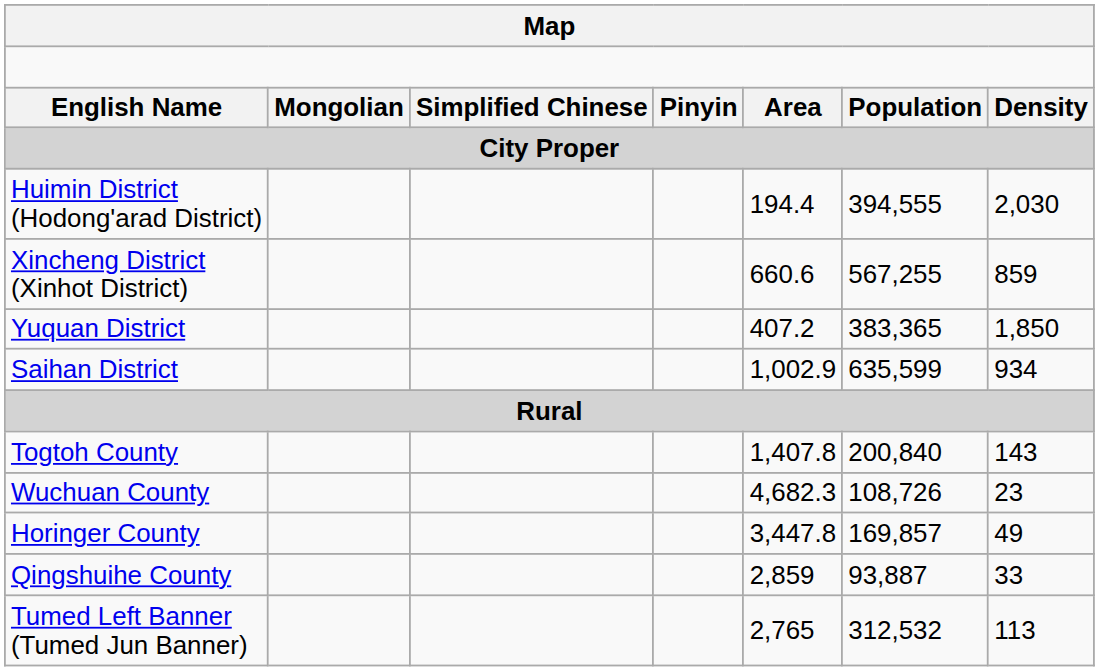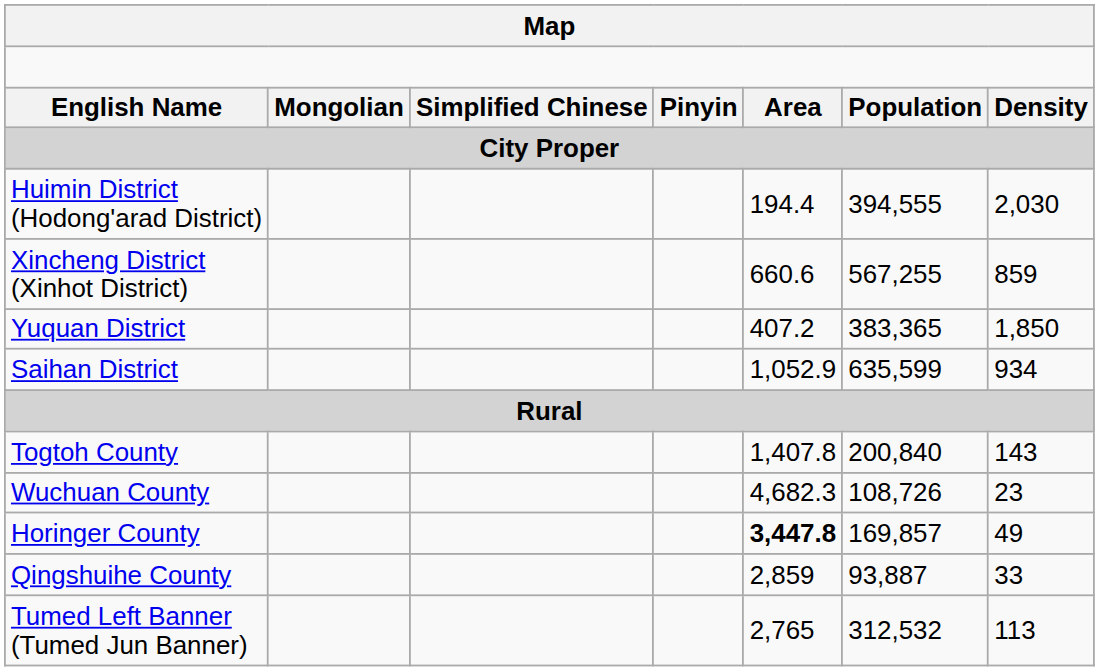 <table class="wikitable"  style="font-size:90%;" align=center>
 <tr>
 <th colspan="7">Map</th>
 </tr>
 <tr>
 <td colspan="7"><div><br>            </div></td>
 </tr>
 <tr>
 <th>English Name</th>
 <th>Mongolian</th>
 <th>Simplified Chinese</th>
 <th>Pinyin</th>
 <th>Area</th>
 <th>Population</th>
 <th>Density</th>
 </tr>
 <tr>
 <td colspan="8" align="center" bgcolor="#D3D3D3"><strong>City Proper</strong></td>
 </tr>
 <tr>
 <td><a href='#'>Huimin District</a><br>(Hodong'arad District)</td>
 <td><br></td>
 <td></td>
 <td></td>
 <td>194.4</td>
 <td>394,555</td>
 <td>2,030</td>
 </tr>
 <tr>
 <td><a href='#'>Xincheng District</a><br>(Xinhot District)</td>
 <td><br></td>
 <td></td>
 <td></td>
 <td>660.6</td>
 <td>567,255</td>
 <td>859</td>
 </tr>
 <tr>
 <td><a href='#'>Yuquan District</a></td>
 <td><br></td>
 <td></td>
 <td></td>
 <td>407.2</td>
 <td>383,365</td>
 <td>1,850</td>
 </tr>
 <tr>
 <td><a href='#'>Saihan District</a></td>
 <td><br></td>
 <td></td>
 <td></td>
-<td>1,002.9</td>
+<td>1,052.9</td>
 <td>635,599</td>
 <td>934</td>
 </tr>
 <tr>
 <td colspan="8" align="center" bgcolor="#D3D3D3"><strong>Rural</strong></td>
 </tr>
 <tr>
 <td><a href='#'>Togtoh County</a></td>
 <td><br></td>
 <td></td>
 <td></td>
 <td>1,407.8</td>
 <td>200,840</td>
 <td>143</td>
 </tr>
 <tr>
 <td><a href='#'>Wuchuan County</a></td>
 <td><br></td>
 <td></td>
 <td></td>
 <td>4,682.3</td>
 <td>108,726</td>
 <td>23</td>
 </tr>
 <tr>
 <td><a href='#'>Horinger County</a></td>
 <td><br></td>
 <td></td>
 <td></td>
-<td>3,447.8</td>
+<td><strong>3,447.8</strong></td>
 <td>169,857</td>
 <td>49</td>
 </tr>
 <tr>
 <td><a href='#'>Qingshuihe County</a></td>
 <td><br></td>
 <td></td>
 <td></td>
 <td>2,859</td>
 <td>93,887</td>
 <td>33</td>
 </tr>
 <tr>
 <td><a href='#'>Tumed Left Banner</a><br>(Tumed Jun Banner)</td>
 <td><br></td>
 <td></td>
 <td></td>
 <td>2,765</td>
 <td>312,532</td>
 <td>113</td>
 </tr>
 </table>
